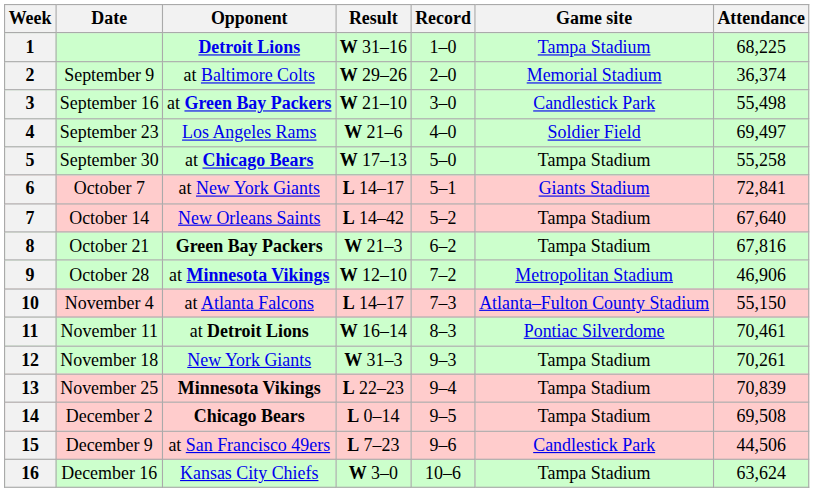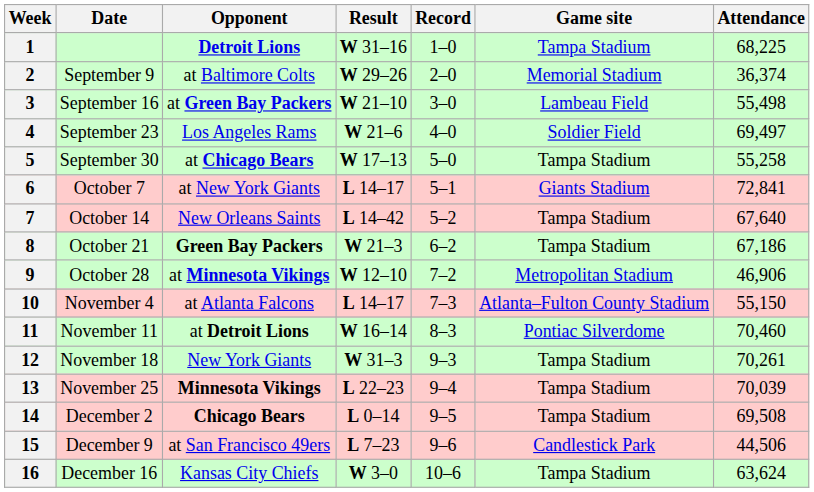 <table class="wikitable" style="text-align:center;">
 <tr>
 <th>Week</th>
 <th>Date</th>
 <th>Opponent</th>
 <th>Result</th>
 <th>Record</th>
 <th>Game site</th>
 <th>Attendance</th>
 </tr>
 <tr style="background:#cfc;">
 <th>1</th>
 <td></td>
 <td><strong><a href='#'>Detroit Lions</a></strong></td>
 <td><strong>W</strong> 31–16</td>
 <td>1–0</td>
 <td><a href='#'>Tampa Stadium</a></td>
 <td>68,225</td>
 </tr>
 <tr style="background:#cfc;">
 <th>2</th>
 <td>September 9</td>
 <td>at <a href='#'>Baltimore Colts</a></td>
 <td><strong>W</strong> 29–26 </td>
 <td>2–0</td>
 <td><a href='#'>Memorial Stadium</a></td>
 <td>36,374</td>
 </tr>
 <tr style="background:#cfc;">
 <th>3</th>
 <td>September 16</td>
 <td>at <strong><a href='#'>Green Bay Packers</a></strong></td>
 <td><strong>W</strong> 21–10</td>
 <td>3–0</td>
-<td><a href='#'>Candlestick Park</a></td>
+<td><a href='#'>Lambeau Field</a></td>
 <td>55,498</td>
 </tr>
 <tr style="background:#cfc;">
 <th>4</th>
 <td>September 23</td>
 <td><a href='#'>Los Angeles Rams</a></td>
 <td><strong>W</strong> 21–6</td>
 <td>4–0</td>
 <td><a href='#'>Soldier Field</a></td>
 <td>69,497</td>
 </tr>
 <tr style="background:#cfc;">
 <th>5</th>
 <td>September 30</td>
 <td>at <strong><a href='#'>Chicago Bears</a></strong></td>
 <td><strong>W</strong> 17–13</td>
 <td>5–0</td>
 <td>Tampa Stadium</td>
 <td>55,258</td>
 </tr>
 <tr style="background:#fcc;">
 <th>6</th>
 <td>October 7</td>
 <td>at <a href='#'>New York Giants</a></td>
 <td><strong>L</strong> 14–17</td>
 <td>5–1</td>
 <td><a href='#'>Giants Stadium</a></td>
 <td>72,841</td>
 </tr>
 <tr style="background:#fcc;">
 <th>7</th>
 <td>October 14</td>
 <td><a href='#'>New Orleans Saints</a></td>
 <td><strong>L</strong> 14–42</td>
 <td>5–2</td>
 <td>Tampa Stadium</td>
 <td>67,640</td>
 </tr>
 <tr style="background:#cfc;">
 <th>8</th>
 <td>October 21</td>
 <td><strong>Green Bay Packers</strong></td>
 <td><strong>W</strong> 21–3</td>
 <td>6–2</td>
 <td>Tampa Stadium</td>
-<td>67,816</td>
+<td>67,186</td>
 </tr>
 <tr style="background:#cfc;">
 <th>9</th>
 <td>October 28</td>
 <td>at <strong><a href='#'>Minnesota Vikings</a></strong></td>
 <td><strong>W</strong> 12–10</td>
 <td>7–2</td>
 <td><a href='#'>Metropolitan Stadium</a></td>
 <td>46,906</td>
 </tr>
 <tr style="background:#fcc;">
 <th>10</th>
 <td>November 4</td>
 <td>at <a href='#'>Atlanta Falcons</a></td>
 <td><strong>L</strong> 14–17</td>
 <td>7–3</td>
 <td><a href='#'>Atlanta–Fulton County Stadium</a></td>
 <td>55,150</td>
 </tr>
 <tr style="background:#cfc;">
 <th>11</th>
 <td>November 11</td>
 <td>at <strong>Detroit Lions</strong></td>
 <td><strong>W</strong> 16–14</td>
 <td>8–3</td>
 <td><a href='#'>Pontiac Silverdome</a></td>
-<td>70,461</td>
+<td>70,460</td>
 </tr>
 <tr style="background:#cfc;">
 <th>12</th>
 <td>November 18</td>
 <td><a href='#'>New York Giants</a></td>
 <td><strong>W</strong> 31–3</td>
 <td>9–3</td>
 <td>Tampa Stadium</td>
 <td>70,261</td>
 </tr>
 <tr style="background:#fcc;">
 <th>13</th>
 <td>November 25</td>
 <td><strong>Minnesota Vikings</strong></td>
 <td><strong>L</strong> 22–23</td>
 <td>9–4</td>
 <td>Tampa Stadium</td>
-<td>70,839</td>
+<td>70,039</td>
 </tr>
 <tr style="background:#fcc;">
 <th>14</th>
 <td>December 2</td>
 <td><strong>Chicago Bears</strong></td>
 <td><strong>L</strong> 0–14</td>
 <td>9–5</td>
 <td>Tampa Stadium</td>
 <td>69,508</td>
 </tr>
 <tr style="background:#fcc;">
 <th>15</th>
 <td>December 9</td>
 <td>at <a href='#'>San Francisco 49ers</a></td>
 <td><strong>L</strong> 7–23</td>
 <td>9–6</td>
 <td><a href='#'>Candlestick Park</a></td>
 <td>44,506</td>
 </tr>
 <tr style="background:#cfc;">
 <th>16</th>
 <td>December 16</td>
 <td><a href='#'>Kansas City Chiefs</a></td>
 <td><strong>W</strong> 3–0</td>
 <td>10–6</td>
 <td>Tampa Stadium</td>
 <td>63,624</td>
 </tr>
 </table>
